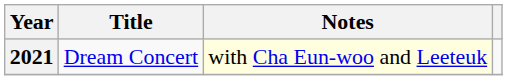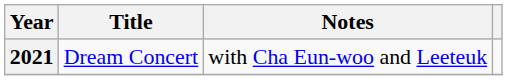 <table class="wikitable sortable plainrowheaders">
 <tr>
 <th scope="col">Year</th>
 <th scope="col">Title</th>
 <th scope="col">Notes</th>
 <th scope="col" class="unsortable"></th>
 </tr>
 <tr>
 <th scope="row">2021</th>
 <td><a href='#'>Dream Concert</a></td>
-<td style="background: lightyellow;">with <a href='#'>Cha Eun-woo</a> and <a href='#'>Leeteuk</a></td>
+<td>with <a href='#'>Cha Eun-woo</a> and <a href='#'>Leeteuk</a></td>
 <td align="center"></td>
 </tr>
 <tr>
 </tr>
 </table>
